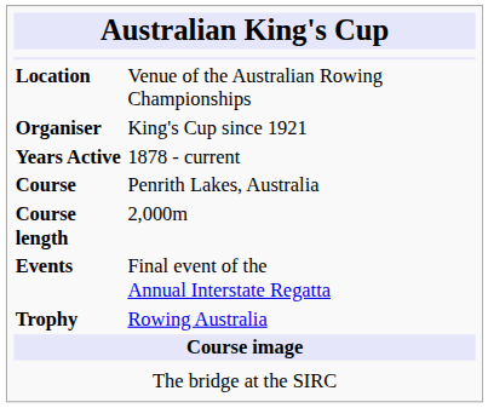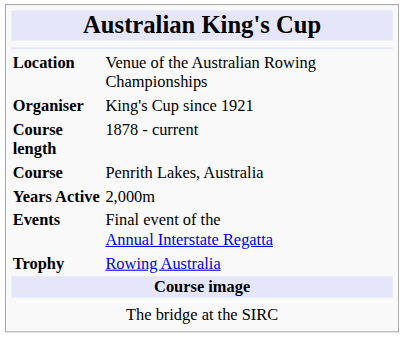 <table class="infobox" style="width: 24em; font-size: 95%;">
 <tr>
 <td colspan="2" style="text-align: center; font-size: 150%;background:lavender;"><strong>Australian King's Cup</strong></td>
 </tr>
 <tr>
 <td colspan="2" style="width:100%; vertical-align:middle; text-align:center;"></td>
 </tr>
 <tr>
 <td colspan="2" style="text-align: center; font-size: 100%; background:lavender;"></td>
 </tr>
 <tr>
 <td><strong>Location</strong></td>
 <td>Venue of the Australian Rowing Championships</td>
 </tr>
 <tr>
 <td><strong>Organiser</strong></td>
 <td>King's Cup since 1921</td>
 </tr>
 <tr>
-<td><strong>Years Active</strong></td>
+<td><strong>Course length</strong></td>
 <td>1878 - current</td>
 </tr>
 <tr>
 <td><strong>Course</strong></td>
 <td>Penrith Lakes, Australia</td>
 </tr>
 <tr>
-<td><strong>Course length</strong></td>
+<td><strong>Years Active</strong></td>
 <td>2,000m</td>
 </tr>
 <tr>
 <td><strong>Events</strong></td>
 <td>Final event of the <br> <a href='#'>Annual Interstate Regatta</a></td>
 </tr>
 <tr>
 <td><strong>Trophy</strong></td>
 <td><a href='#'>Rowing Australia</a></td>
 </tr>
 <tr>
 <td colspan="2" style="text-align: center; font-size: 100%; background:lavender;"><strong>Course image</strong></td>
 </tr>
 <tr>
 <td colspan="2" style="width:100%; vertical-align:middle; text-align:center;"></td>
 </tr>
 <tr>
 <td colspan="2" style="text-align: center; font-size: 100%;">The bridge at the SIRC</td>
 </tr>
 </table>
